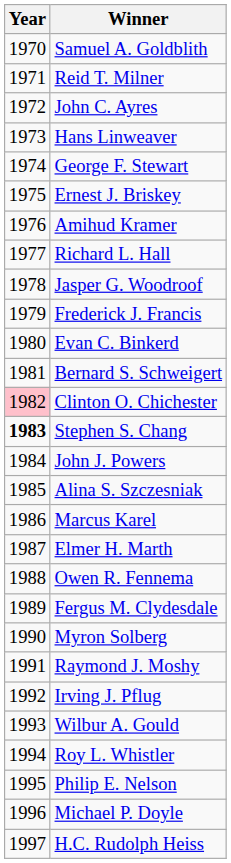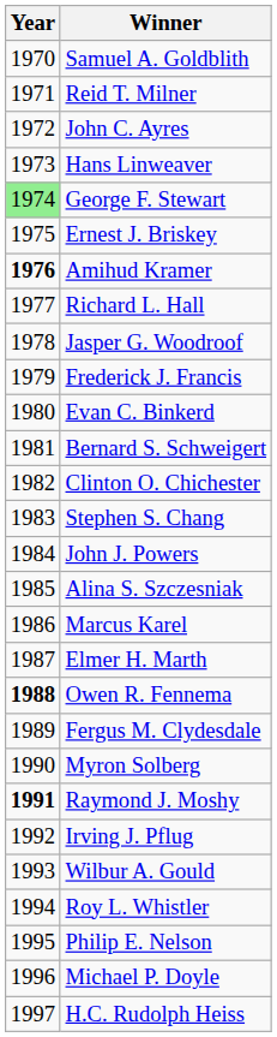 <table class="wikitable">
 <tr>
 <th>Year</th>
 <th>Winner</th>
 </tr>
 <tr>
 <td>1970</td>
 <td><a href='#'>Samuel A. Goldblith</a></td>
 </tr>
 <tr>
 <td>1971</td>
 <td><a href='#'>Reid T. Milner</a></td>
 </tr>
 <tr>
 <td>1972</td>
 <td><a href='#'>John C. Ayres</a></td>
 </tr>
 <tr>
 <td>1973</td>
 <td><a href='#'>Hans Linweaver</a></td>
 </tr>
 <tr>
-<td>1974</td>
+<td style="background: lightgreen;">1974</td>
 <td><a href='#'>George F. Stewart</a></td>
 </tr>
 <tr>
 <td>1975</td>
 <td><a href='#'>Ernest J. Briskey</a></td>
 </tr>
 <tr>
-<td>1976</td>
+<td><strong>1976</strong></td>
 <td><a href='#'>Amihud Kramer</a></td>
 </tr>
 <tr>
 <td>1977</td>
 <td><a href='#'>Richard L. Hall</a></td>
 </tr>
 <tr>
 <td>1978</td>
 <td><a href='#'>Jasper G. Woodroof</a></td>
 </tr>
 <tr>
 <td>1979</td>
 <td><a href='#'>Frederick J. Francis</a></td>
 </tr>
 <tr>
 <td>1980</td>
 <td><a href='#'>Evan C. Binkerd</a></td>
 </tr>
 <tr>
 <td>1981</td>
 <td><a href='#'>Bernard S. Schweigert</a></td>
 </tr>
 <tr>
-<td style="background: pink;">1982</td>
+<td>1982</td>
 <td><a href='#'>Clinton O. Chichester</a></td>
 </tr>
 <tr>
-<td><strong>1983</strong></td>
+<td>1983</td>
 <td><a href='#'>Stephen S. Chang</a></td>
 </tr>
 <tr>
 <td>1984</td>
 <td><a href='#'>John J. Powers</a></td>
 </tr>
 <tr>
 <td>1985</td>
 <td><a href='#'>Alina S. Szczesniak</a></td>
 </tr>
 <tr>
 <td>1986</td>
 <td><a href='#'>Marcus Karel</a></td>
 </tr>
 <tr>
 <td>1987</td>
 <td><a href='#'>Elmer H. Marth</a></td>
 </tr>
 <tr>
-<td>1988</td>
+<td><strong>1988</strong></td>
 <td><a href='#'>Owen R. Fennema</a></td>
 </tr>
 <tr>
 <td>1989</td>
 <td><a href='#'>Fergus M. Clydesdale</a></td>
 </tr>
 <tr>
 <td>1990</td>
 <td><a href='#'>Myron Solberg</a></td>
 </tr>
 <tr>
-<td>1991</td>
+<td><strong>1991</strong></td>
 <td><a href='#'>Raymond J. Moshy</a></td>
 </tr>
 <tr>
 <td>1992</td>
 <td><a href='#'>Irving J. Pflug</a></td>
 </tr>
 <tr>
 <td>1993</td>
 <td><a href='#'>Wilbur A. Gould</a></td>
 </tr>
 <tr>
 <td>1994</td>
 <td><a href='#'>Roy L. Whistler</a></td>
 </tr>
 <tr>
 <td>1995</td>
 <td><a href='#'>Philip E. Nelson</a></td>
 </tr>
 <tr>
 <td>1996</td>
 <td><a href='#'>Michael P. Doyle</a></td>
 </tr>
 <tr>
 <td>1997</td>
 <td><a href='#'>H.C. Rudolph Heiss</a></td>
 </tr>
 </table>
